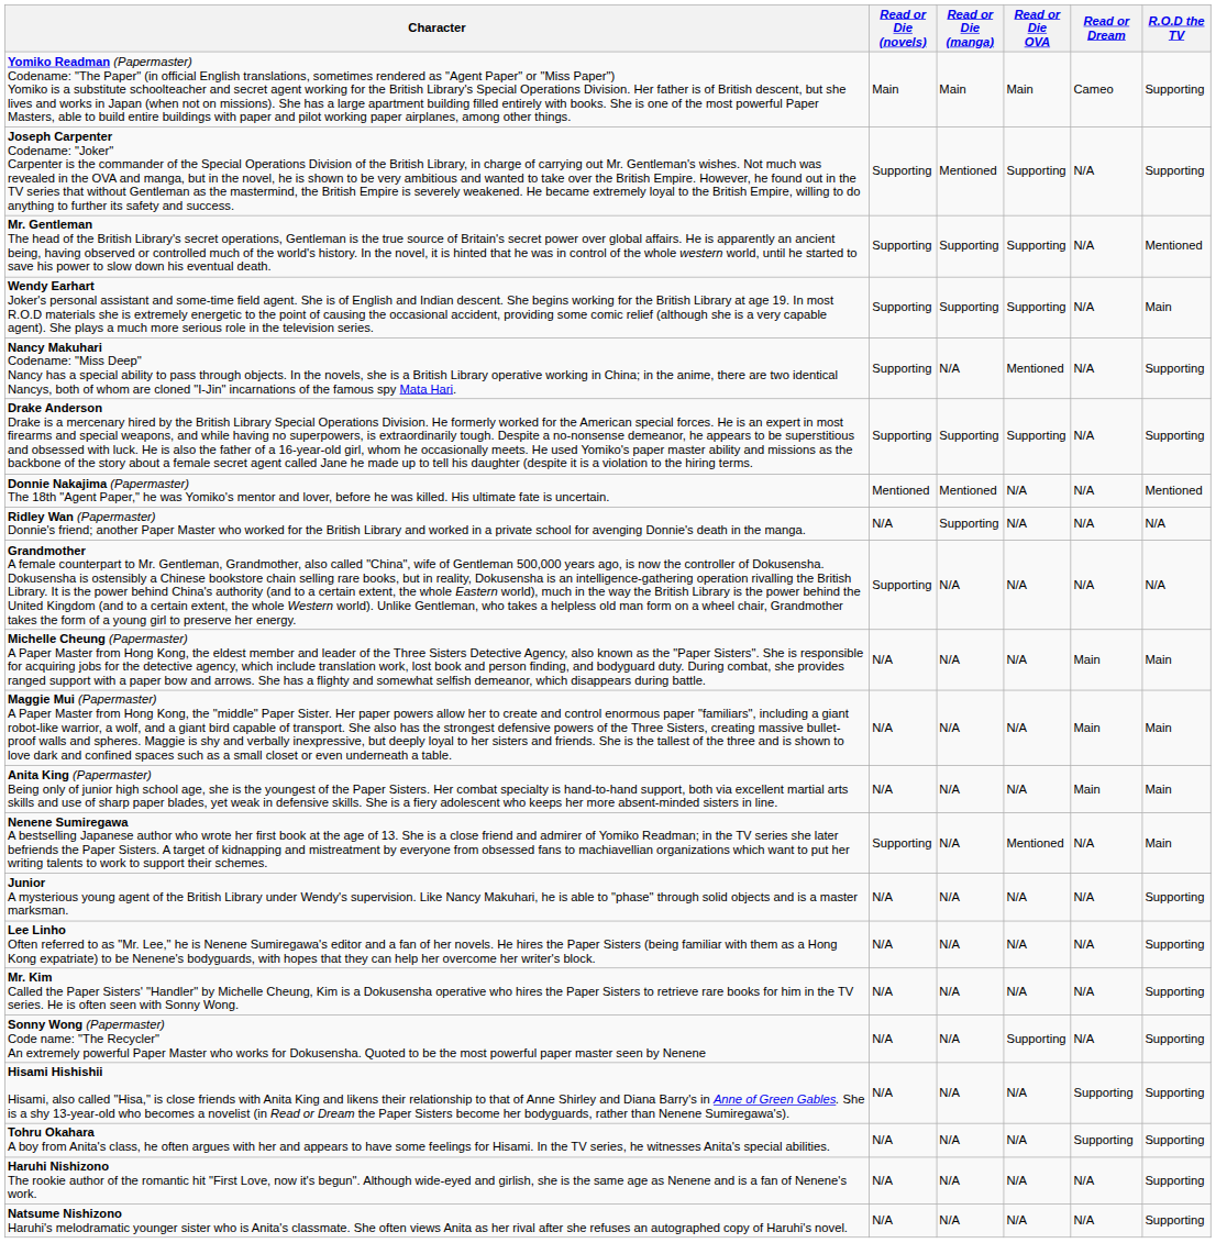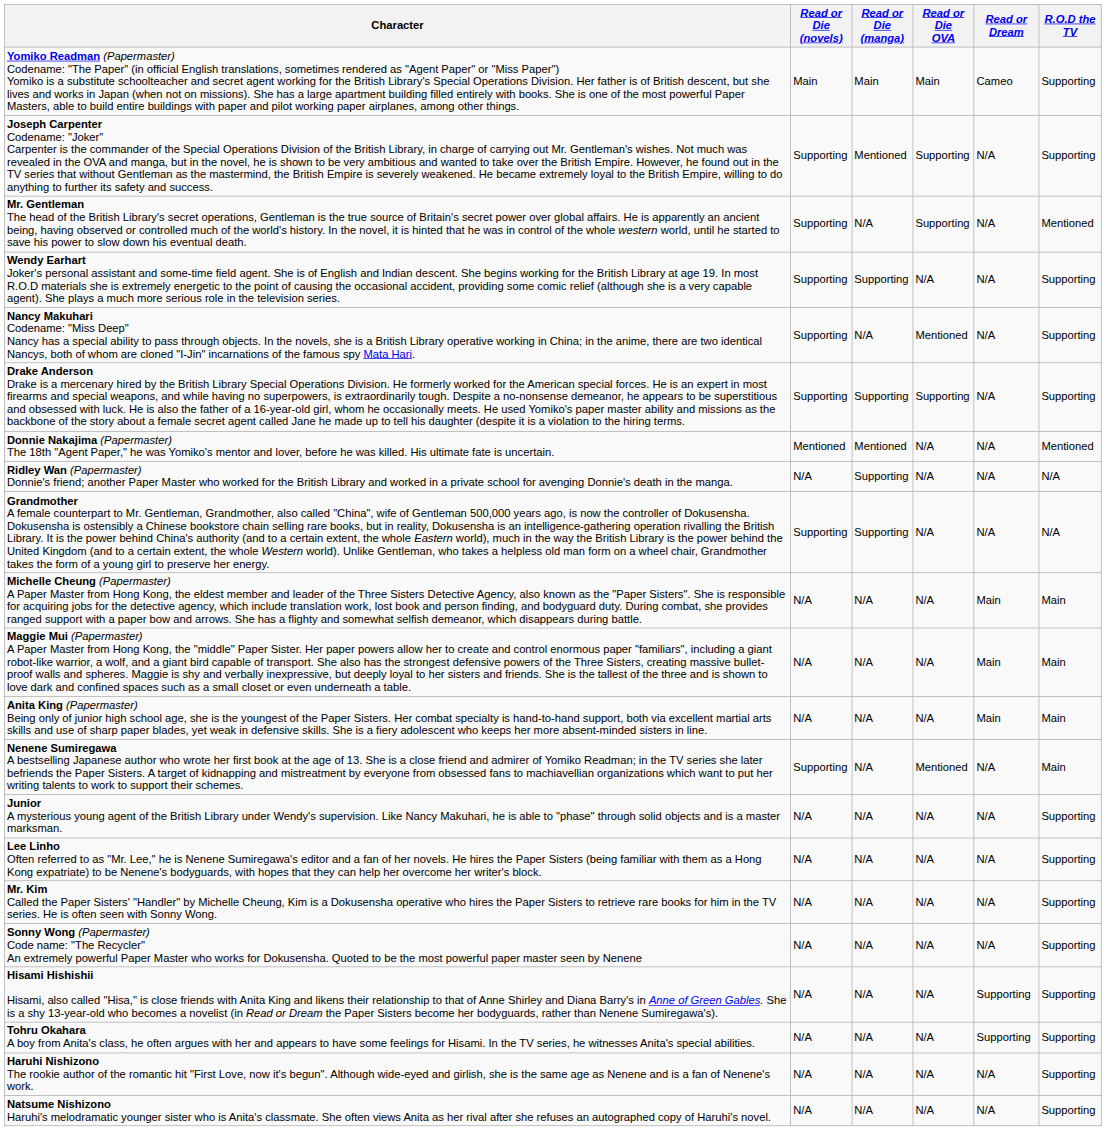 <table class="wikitable">
 <tr>
 <th>Character</th>
 <th><em><a href='#'>Read or Die<br>(novels)</a></em></th>
 <th><em><a href='#'>Read or Die<br>(manga)</a></em></th>
 <th><em><a href='#'>Read or Die<br>OVA</a></em></th>
 <th><em><a href='#'>Read or Dream</a></em></th>
 <th><em><a href='#'>R.O.D the TV</a></em></th>
 </tr>
 <tr>
 <td><strong><a href='#'>Yomiko Readman</a></strong> <em>(Papermaster)</em><br>Codename: "The Paper" (in official English translations, sometimes rendered as "Agent Paper" or "Miss Paper")<br>Yomiko is a substitute schoolteacher and secret agent working for the British Library's Special Operations Division. Her father is of British descent, but she lives and works in Japan (when not on missions). She has a large apartment building filled entirely with books. She is one of the most powerful Paper Masters, able to build entire buildings with paper and pilot working paper airplanes, among other things.</td>
 <td>Main</td>
 <td>Main</td>
 <td>Main</td>
 <td>Cameo</td>
 <td>Supporting</td>
 </tr>
 <tr>
 <td><strong>Joseph Carpenter</strong><br>Codename: "Joker"<br>Carpenter is the commander of the Special Operations Division of the British Library, in charge of carrying out Mr. Gentleman's wishes. Not much was revealed in the OVA and manga, but in the novel, he is shown to be very ambitious and wanted to take over the British Empire.  However, he found out in the TV series that without Gentleman as the mastermind, the British Empire is severely weakened.  He became extremely loyal to the British Empire, willing to do anything to further its safety and success.</td>
 <td>Supporting</td>
 <td>Mentioned</td>
 <td>Supporting</td>
 <td>N/A</td>
 <td>Supporting</td>
 </tr>
 <tr>
 <td><strong>Mr. Gentleman</strong><br>The head of the British Library's secret operations, Gentleman is the true source of Britain's secret power over global affairs. He is apparently an ancient being, having observed or controlled much of the world's history.  In the novel, it is hinted that he was in control of the whole <em>western</em> world, until he started to save his power to slow down his eventual death.</td>
 <td>Supporting</td>
-<td>Supporting</td>
+<td>N/A</td>
 <td>Supporting</td>
 <td>N/A</td>
 <td>Mentioned</td>
 </tr>
 <tr>
 <td><strong>Wendy Earhart</strong><br>Joker's personal assistant and some-time field agent. She is of English and Indian descent. She begins working for the British Library at age 19. In most R.O.D materials she is extremely energetic to the point of causing the occasional accident, providing some comic relief (although she is a very capable agent). She plays a much more serious role in the television series.</td>
 <td>Supporting</td>
 <td>Supporting</td>
+<td>N/A</td>
+<td>N/A</td>
 <td>Supporting</td>
-<td>N/A</td>
-<td>Main</td>
 </tr>
 <tr>
 <td><strong>Nancy Makuhari</strong><br>Codename: "Miss Deep"<br>Nancy has a special ability to pass through objects. In the novels, she is a British Library operative working in China; in the anime, there are two identical Nancys, both of whom are cloned "I-Jin" incarnations of the famous spy <a href='#'>Mata Hari</a>.</td>
 <td>Supporting</td>
 <td>N/A</td>
 <td>Mentioned</td>
 <td>N/A</td>
 <td>Supporting</td>
 </tr>
 <tr>
 <td><strong>Drake Anderson</strong><br>Drake is a mercenary hired by the British Library Special Operations Division. He formerly worked for the American special forces. He is an expert in most firearms and special weapons, and while having no superpowers, is extraordinarily tough. Despite a no-nonsense demeanor, he appears to be superstitious and obsessed with luck.  He is also the father of a 16-year-old girl, whom he occasionally meets.  He used Yomiko's paper master ability and missions as the backbone of the story about a female secret agent called Jane he made up to tell his daughter (despite it is a violation to the hiring terms.</td>
 <td>Supporting</td>
 <td>Supporting</td>
 <td>Supporting</td>
 <td>N/A</td>
 <td>Supporting</td>
 </tr>
 <tr>
 <td><strong>Donnie Nakajima</strong> <em>(Papermaster)</em><br>The 18th "Agent Paper," he was Yomiko's mentor and lover, before he was killed. His ultimate fate is uncertain.</td>
 <td>Mentioned</td>
 <td>Mentioned</td>
 <td>N/A</td>
 <td>N/A</td>
 <td>Mentioned</td>
 </tr>
 <tr>
 <td><strong>Ridley Wan</strong> <em>(Papermaster)</em><br>Donnie's friend; another Paper Master who worked for the British Library and worked in a private school for avenging Donnie's death in the manga.</td>
 <td>N/A</td>
 <td>Supporting</td>
 <td>N/A</td>
 <td>N/A</td>
 <td>N/A</td>
 </tr>
 <tr>
 <td><strong>Grandmother</strong> <br> A female counterpart to Mr. Gentleman, Grandmother, also called "China", wife of Gentleman 500,000 years ago, is now the controller of Dokusensha.  Dokusensha is ostensibly a Chinese bookstore chain selling rare books, but in reality, Dokusensha is an intelligence-gathering operation rivalling the British Library. It is the power behind China's authority (and to a certain extent, the whole <em>Eastern</em> world), much in the way the British Library is the power behind the United Kingdom (and to a certain extent, the whole <em>Western</em> world).  Unlike Gentleman, who takes a helpless old man form on a wheel chair, Grandmother takes the form of a young girl to preserve her energy.</td>
 <td>Supporting</td>
-<td>N/A</td>
+<td>Supporting</td>
 <td>N/A</td>
 <td>N/A</td>
 <td>N/A</td>
 </tr>
 <tr>
 <td><strong>Michelle Cheung</strong> <em>(Papermaster)</em><br>A Paper Master from Hong Kong, the eldest member and leader of the Three Sisters Detective Agency, also known as the "Paper Sisters". She is responsible for acquiring jobs for the detective agency, which include translation work, lost book and person finding, and bodyguard duty. During combat, she provides ranged support with a paper bow and arrows. She has a flighty and somewhat selfish demeanor, which disappears during battle.</td>
 <td>N/A</td>
 <td>N/A</td>
 <td>N/A</td>
 <td>Main</td>
 <td>Main</td>
 </tr>
 <tr>
 <td><strong>Maggie Mui</strong> <em>(Papermaster)</em><br>A Paper Master from Hong Kong, the "middle" Paper Sister. Her paper powers allow her to create and control enormous paper "familiars", including a giant robot-like warrior, a wolf, and a giant bird capable of transport. She also has the strongest defensive powers of the Three Sisters, creating massive bullet-proof walls and spheres. Maggie is shy and verbally inexpressive, but deeply loyal to her sisters and friends. She is the tallest of the three and is shown to love dark and confined spaces such as a small closet or even underneath a table.</td>
 <td>N/A</td>
 <td>N/A</td>
 <td>N/A</td>
 <td>Main</td>
 <td>Main</td>
 </tr>
 <tr>
 <td><strong>Anita King</strong> <em>(Papermaster)</em><br>Being only of junior high school age, she is the youngest of the Paper Sisters. Her combat specialty is hand-to-hand support, both via excellent martial arts skills and use of sharp paper blades, yet weak in defensive skills. She is a fiery adolescent who keeps her more absent-minded sisters in line.</td>
 <td>N/A</td>
 <td>N/A</td>
 <td>N/A</td>
 <td>Main</td>
 <td>Main</td>
 </tr>
 <tr>
 <td><strong>Nenene Sumiregawa</strong> <br>A bestselling Japanese author who wrote her first book at the age of 13. She is a close friend and admirer of Yomiko Readman; in the TV series she later befriends the Paper Sisters. A target of kidnapping and mistreatment by everyone from obsessed fans to machiavellian organizations which want to put her writing talents to work to support their schemes.</td>
 <td>Supporting</td>
 <td>N/A</td>
 <td>Mentioned</td>
 <td>N/A</td>
 <td>Main</td>
 </tr>
 <tr>
 <td><strong>Junior</strong> <br>A mysterious young agent of the British Library under Wendy's supervision. Like Nancy Makuhari, he is able to "phase" through solid objects and is a master marksman.</td>
 <td>N/A</td>
 <td>N/A</td>
 <td>N/A</td>
 <td>N/A</td>
 <td>Supporting</td>
 </tr>
 <tr>
 <td><strong>Lee Linho</strong> <br>Often referred to as "Mr. Lee," he is Nenene Sumiregawa's editor and a fan of her novels. He hires the Paper Sisters (being familiar with them as a Hong Kong expatriate) to be Nenene's bodyguards, with hopes that they can help her overcome her writer's block.</td>
 <td>N/A</td>
 <td>N/A</td>
 <td>N/A</td>
 <td>N/A</td>
 <td>Supporting</td>
 </tr>
 <tr>
 <td><strong>Mr. Kim</strong> <br>Called the Paper Sisters' "Handler" by Michelle Cheung, Kim is a Dokusensha operative who hires the Paper Sisters to retrieve rare books for him in the TV series. He is often seen with Sonny Wong.</td>
 <td>N/A</td>
 <td>N/A</td>
 <td>N/A</td>
 <td>N/A</td>
 <td>Supporting</td>
 </tr>
 <tr>
 <td><strong>Sonny Wong</strong>  <em>(Papermaster)</em><br>Code name: "The Recycler"<br> An extremely powerful Paper Master who works for Dokusensha.  Quoted to be the most powerful paper master seen by Nenene</td>
 <td>N/A</td>
 <td>N/A</td>
-<td>Supporting</td>
+<td>N/A</td>
 <td>N/A</td>
 <td>Supporting</td>
 </tr>
 <tr>
 <td><strong>Hisami Hishishii</strong><br><br>Hisami, also called "Hisa," is close friends with Anita King and likens their relationship to that of Anne Shirley and Diana Barry's in <em><a href='#'>Anne of Green Gables</a>.</em> She is a shy 13-year-old who becomes a novelist (in <em>Read or Dream</em> the Paper Sisters become her bodyguards, rather than Nenene Sumiregawa's).</td>
 <td>N/A</td>
 <td>N/A</td>
 <td>N/A</td>
 <td>Supporting</td>
 <td>Supporting</td>
 </tr>
 <tr>
 <td><strong>Tohru Okahara</strong> <br>A boy from Anita's class, he often argues with her and appears to have some feelings for Hisami. In the TV series, he witnesses Anita's special abilities.</td>
 <td>N/A</td>
 <td>N/A</td>
 <td>N/A</td>
 <td>Supporting</td>
 <td>Supporting</td>
 </tr>
 <tr>
 <td><strong>Haruhi Nishizono</strong> <br>The rookie author of the romantic hit "First Love, now it's begun". Although wide-eyed and girlish, she is the same age as Nenene and is a fan of Nenene's work.</td>
 <td>N/A</td>
 <td>N/A</td>
 <td>N/A</td>
 <td>N/A</td>
 <td>Supporting</td>
 </tr>
 <tr>
 <td><strong>Natsume Nishizono</strong> <br>Haruhi's melodramatic younger sister who is Anita's classmate. She often views Anita as her rival after she refuses an autographed copy of Haruhi's novel.</td>
 <td>N/A</td>
 <td>N/A</td>
 <td>N/A</td>
 <td>N/A</td>
 <td>Supporting</td>
 </tr>
 </table>
